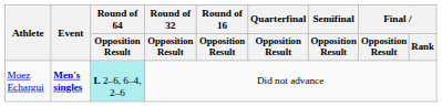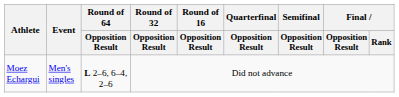 <table class="wikitable" style="font-size:90%;">
 <tr>
 <th rowspan=2>Athlete</th>
 <th rowspan=2>Event</th>
 <th>Round of 64</th>
 <th>Round of 32</th>
 <th>Round of 16</th>
 <th>Quarterfinal</th>
 <th>Semifinal</th>
 <th colspan=2>Final / </th>
 </tr>
 <tr style="font-size:95%">
 <th>Opposition<br>Result</th>
 <th>Opposition<br>Result</th>
 <th>Opposition<br>Result</th>
 <th>Opposition<br>Result</th>
 <th>Opposition<br>Result</th>
 <th>Opposition<br>Result</th>
 <th>Rank</th>
 </tr>
 <tr align=center>
 <td align=left><a href='#'>Moez Echargui</a></td>
-<td align=left><strong><a href='#'>Men's singles</a></strong></td>
-<td style="background: paleturquoise;"><br><strong>L</strong> 2–6, 6–4, 2–6</td>
+<td align=left><a href='#'>Men's singles</a></td>
+<td><br><strong>L</strong> 2–6, 6–4, 2–6</td>
 <td colspan=6>Did not advance</td>
 </tr>
 </table>
